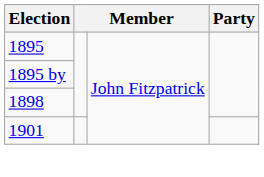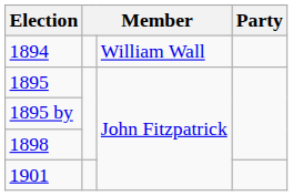 <table class="wikitable">
 <tr>
 <th>Election</th>
 <th colspan="2">Member</th>
 <th>Party</th>
+</tr>
+<tr>
+<td><a href='#'>1894</a></td>
+<td> </td>
+<td><a href='#'>William Wall</a></td>
+<td></td>
 </tr>
 <tr>
 <td><a href='#'>1895</a></td>
 <td rowspan="3" > </td>
 <td rowspan="4"><a href='#'>John Fitzpatrick</a></td>
 <td rowspan="3"></td>
 </tr>
 <tr>
 <td><a href='#'>1895 by</a></td>
 </tr>
 <tr>
 <td><a href='#'>1898</a></td>
 </tr>
 <tr>
 <td><a href='#'>1901</a></td>
 <td> </td>
 <td></td>
 </tr>
 </table>
